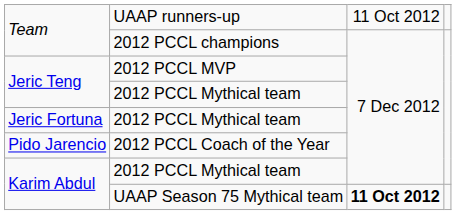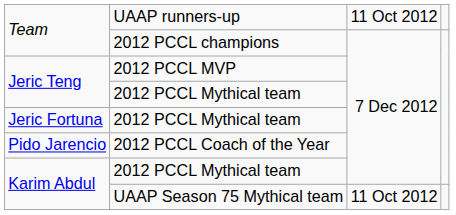 <table class=wikitable>
 <tr>
 <td rowspan=2><em>Team</em></td>
 <td>UAAP runners-up</td>
 <td align=right>11 Oct 2012</td>
 <td align=center></td>
 </tr>
 <tr>
 <td>2012 PCCL champions</td>
 <td align=right rowspan=6>7 Dec 2012</td>
 <td align=center rowspan=6></td>
 </tr>
 <tr>
 <td rowspan=2><a href='#'>Jeric Teng</a></td>
 <td>2012 PCCL MVP</td>
 </tr>
 <tr>
 <td>2012 PCCL Mythical team</td>
 </tr>
 <tr>
 <td><a href='#'>Jeric Fortuna</a></td>
 <td>2012 PCCL Mythical team</td>
 </tr>
 <tr>
 <td><a href='#'>Pido Jarencio</a></td>
 <td>2012 PCCL Coach of the Year</td>
 </tr>
 <tr>
 <td rowspan=2><a href='#'>Karim Abdul</a></td>
 <td>2012 PCCL Mythical team</td>
 </tr>
 <tr>
 <td>UAAP Season 75 Mythical team</td>
-<td align=right><strong>11 Oct 2012</strong></td>
+<td align=right>11 Oct 2012</td>
 <td align=center></td>
 </tr>
 </table>
